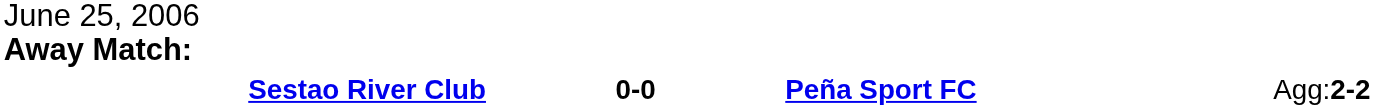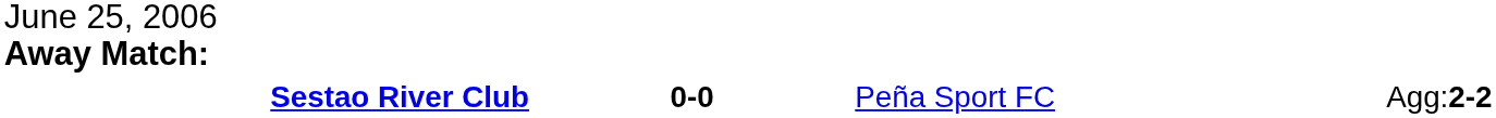 <table width=100% cellspacing=1>
 <tr>
 <th width=20%></th>
 <th width=12%></th>
 <th width=20%></th>
 <th></th>
 </tr>
 <tr>
 <td>June 25, 2006<br><strong>Away Match:</strong></td>
 </tr>
 <tr style=font-size:90%>
 <td align=right><strong><a href='#'>Sestao River Club</a></strong></td>
 <td align=center><strong>0-0</strong></td>
-<td><strong><a href='#'>Peña Sport FC</a></strong></td>
+<td><a href='#'>Peña Sport FC</a></td>
 <td>Agg:<strong>2-2</strong></td>
 </tr>
 </table>
